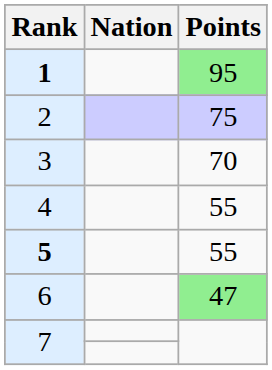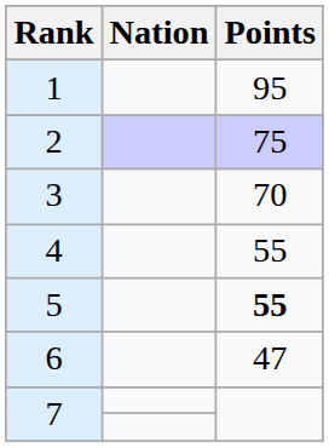 <table class="wikitable sortable" style="text-align:center">
 <tr>
 <th>Rank</th>
 <th>Nation</th>
 <th>Points</th>
 </tr>
 <tr>
-<td bgcolor = DDEEFF><strong>1</strong></td>
+<td bgcolor = DDEEFF>1</td>
 <td align=left></td>
-<td style="background: lightgreen;">95</td>
+<td>95</td>
 </tr>
 <tr style="background-color:#ccccff">
 <td bgcolor = DDEEFF>2</td>
 <td align=left></td>
 <td>75</td>
 </tr>
 <tr>
 <td bgcolor = DDEEFF>3</td>
 <td align=left></td>
 <td>70</td>
 </tr>
 <tr>
 <td bgcolor = DDEEFF>4</td>
 <td align=left></td>
 <td>55</td>
 </tr>
 <tr>
-<td bgcolor = DDEEFF><strong>5</strong></td>
+<td bgcolor = DDEEFF>5</td>
 <td align=left></td>
-<td>55</td>
+<td><strong>55</strong></td>
 </tr>
 <tr>
 <td bgcolor = DDEEFF>6</td>
 <td align=left></td>
-<td style="background: lightgreen;">47</td>
+<td>47</td>
 </tr>
 <tr>
 <td rowspan=2 bgcolor = DDEEFF>7</td>
 <td align=left></td>
 <td rowspan=2></td>
 </tr>
 <tr>
 <td align=left></td>
 </tr>
 </table>
